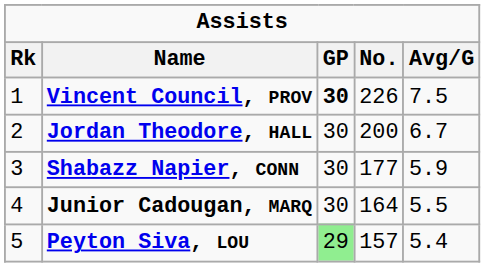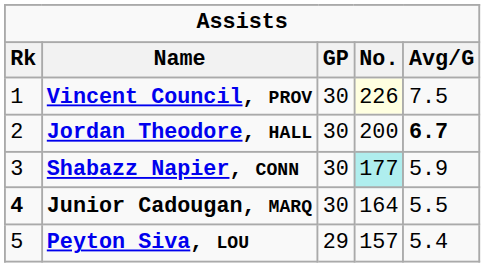 <table class="wikitable" style="white-space:nowrap; font-size:90%;">
 <tr>
 <td colspan=5 style="text-align:center;"><strong>Assists</strong></td>
 </tr>
 <tr>
 <th>Rk</th>
 <th>Name</th>
 <th>GP</th>
 <th>No.</th>
 <th>Avg/G</th>
 </tr>
 <tr>
 <td>1</td>
 <td><strong><a href='#'>Vincent Council</a>, <small>PROV</small></strong></td>
-<td><strong>30</strong></td>
-<td>226</td>
+<td>30</td>
+<td style="background: lightyellow;">226</td>
 <td>7.5</td>
 </tr>
 <tr>
 <td>2</td>
 <td><strong><a href='#'>Jordan Theodore</a>, <small>HALL</small></strong></td>
 <td>30</td>
 <td>200</td>
-<td>6.7</td>
+<td><strong>6.7</strong></td>
 </tr>
 <tr>
 <td>3</td>
 <td><strong><a href='#'>Shabazz Napier</a>, <small>CONN</small></strong></td>
 <td>30</td>
-<td>177</td>
+<td style="background: paleturquoise;">177</td>
 <td>5.9</td>
 </tr>
 <tr>
-<td>4</td>
+<td><strong>4</strong></td>
 <td><strong>Junior Cadougan, <small>MARQ</small></strong></td>
 <td>30</td>
 <td>164</td>
 <td>5.5</td>
 </tr>
 <tr>
 <td>5</td>
 <td><strong><a href='#'>Peyton Siva</a>, <small>LOU</small></strong></td>
-<td style="background: lightgreen;">29</td>
+<td>29</td>
 <td>157</td>
 <td>5.4</td>
 </tr>
 </table>
